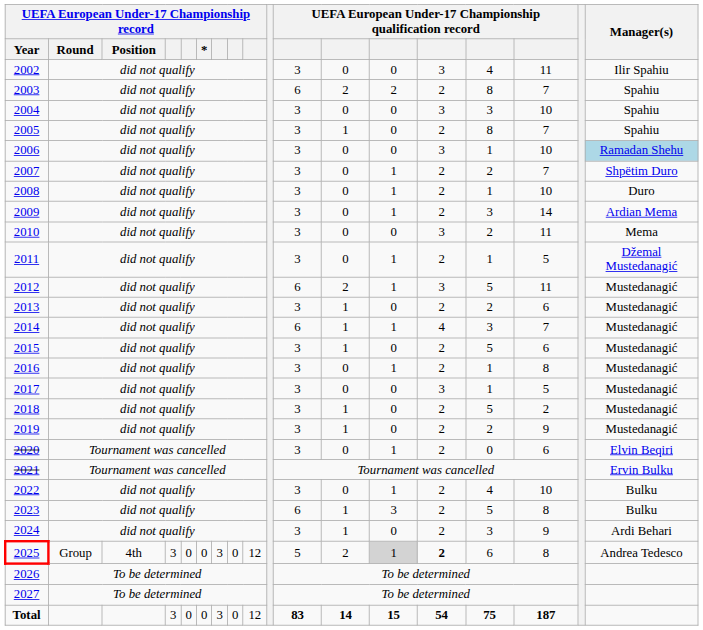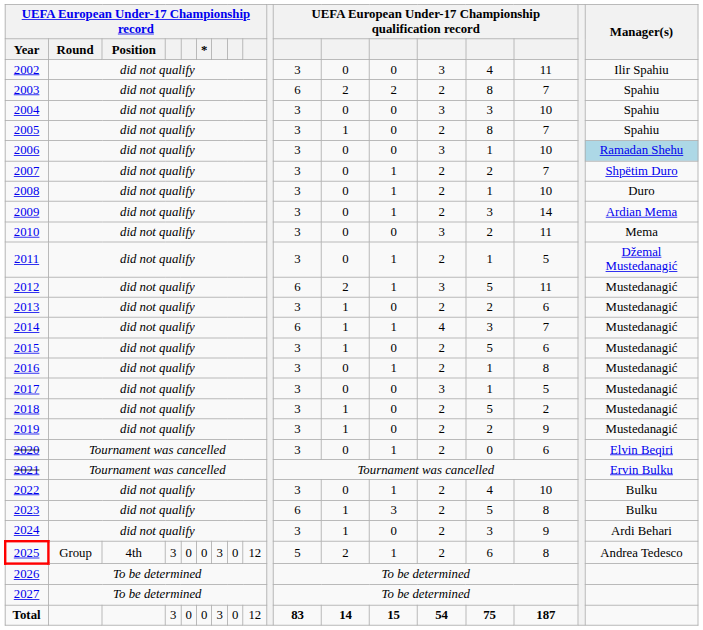 <table class="wikitable" style="text-align: center;">
 <tr>
 <th colspan=9><a href='#'>UEFA European Under-17 Championship record</a></th>
 <th style="width:1%;" rowspan="29"></th>
 <th colspan=6>UEFA European Under-17 Championship qualification record</th>
 <th style="width:1%;" rowspan="29"></th>
 <th rowspan=2>Manager(s)</th>
 </tr>
 <tr>
 <th>Year</th>
 <th>Round</th>
 <th>Position</th>
 <th></th>
 <th></th>
 <th>*</th>
 <th></th>
 <th></th>
 <th></th>
 <th></th>
 <th></th>
 <th></th>
 <th></th>
 <th></th>
 <th></th>
 </tr>
 <tr>
 <td> <a href='#'>2002</a></td>
 <td colspan=8><em>did not qualify</em></td>
 <td>3</td>
 <td>0</td>
 <td>0</td>
 <td>3</td>
 <td>4</td>
 <td>11</td>
 <td>Ilir Spahiu</td>
 </tr>
 <tr>
 <td> <a href='#'>2003</a></td>
 <td colspan=8><em>did not qualify</em></td>
 <td>6</td>
 <td>2</td>
 <td>2</td>
 <td>2</td>
 <td>8</td>
 <td>7</td>
 <td>Spahiu</td>
 </tr>
 <tr>
 <td> <a href='#'>2004</a></td>
 <td colspan=8><em>did not qualify</em></td>
 <td>3</td>
 <td>0</td>
 <td>0</td>
 <td>3</td>
 <td>3</td>
 <td>10</td>
 <td>Spahiu</td>
 </tr>
 <tr>
 <td> <a href='#'>2005</a></td>
 <td colspan=8><em>did not qualify</em></td>
 <td>3</td>
 <td>1</td>
 <td>0</td>
 <td>2</td>
 <td>8</td>
 <td>7</td>
 <td>Spahiu</td>
 </tr>
 <tr>
 <td> <a href='#'>2006</a></td>
 <td colspan=8><em>did not qualify</em></td>
 <td>3</td>
 <td>0</td>
 <td>0</td>
 <td>3</td>
 <td>1</td>
 <td>10</td>
 <td style="background: lightblue;"><a href='#'>Ramadan Shehu</a></td>
 </tr>
 <tr>
 <td> <a href='#'>2007</a></td>
 <td colspan=8><em>did not qualify</em></td>
 <td>3</td>
 <td>0</td>
 <td>1</td>
 <td>2</td>
 <td>2</td>
 <td>7</td>
 <td><a href='#'>Shpëtim Duro</a></td>
 </tr>
 <tr>
 <td> <a href='#'>2008</a></td>
 <td colspan=8><em>did not qualify</em></td>
 <td>3</td>
 <td>0</td>
 <td>1</td>
 <td>2</td>
 <td>1</td>
 <td>10</td>
 <td>Duro</td>
 </tr>
 <tr>
 <td> <a href='#'>2009</a></td>
 <td colspan=8><em>did not qualify</em></td>
 <td>3</td>
 <td>0</td>
 <td>1</td>
 <td>2</td>
 <td>3</td>
 <td>14</td>
 <td><a href='#'>Ardian Mema</a></td>
 </tr>
 <tr>
 <td> <a href='#'>2010</a></td>
 <td colspan=8><em>did not qualify</em></td>
 <td>3</td>
 <td>0</td>
 <td>0</td>
 <td>3</td>
 <td>2</td>
 <td>11</td>
 <td>Mema</td>
 </tr>
 <tr>
 <td> <a href='#'>2011</a></td>
 <td colspan=8><em>did not qualify</em></td>
 <td>3</td>
 <td>0</td>
 <td>1</td>
 <td>2</td>
 <td>1</td>
 <td>5</td>
 <td><a href='#'>Džemal Mustedanagić</a></td>
 </tr>
 <tr>
 <td> <a href='#'>2012</a></td>
 <td colspan=8><em>did not qualify</em></td>
 <td>6</td>
 <td>2</td>
 <td>1</td>
 <td>3</td>
 <td>5</td>
 <td>11</td>
 <td>Mustedanagić</td>
 </tr>
 <tr>
 <td> <a href='#'>2013</a></td>
 <td colspan=8><em>did not qualify</em></td>
 <td>3</td>
 <td>1</td>
 <td>0</td>
 <td>2</td>
 <td>2</td>
 <td>6</td>
 <td>Mustedanagić</td>
 </tr>
 <tr>
 <td> <a href='#'>2014</a></td>
 <td colspan=8><em>did not qualify</em></td>
 <td>6</td>
 <td>1</td>
 <td>1</td>
 <td>4</td>
 <td>3</td>
 <td>7</td>
 <td>Mustedanagić</td>
 </tr>
 <tr>
 <td> <a href='#'>2015</a></td>
 <td colspan=8><em>did not qualify</em></td>
 <td>3</td>
 <td>1</td>
 <td>0</td>
 <td>2</td>
 <td>5</td>
 <td>6</td>
 <td>Mustedanagić</td>
 </tr>
 <tr>
 <td> <a href='#'>2016</a></td>
 <td colspan=8><em>did not qualify</em></td>
 <td>3</td>
 <td>0</td>
 <td>1</td>
 <td>2</td>
 <td>1</td>
 <td>8</td>
 <td>Mustedanagić</td>
 </tr>
 <tr>
 <td> <a href='#'>2017</a></td>
 <td colspan=8><em>did not qualify</em></td>
 <td>3</td>
 <td>0</td>
 <td>0</td>
 <td>3</td>
 <td>1</td>
 <td>5</td>
 <td>Mustedanagić</td>
 </tr>
 <tr>
 <td> <a href='#'>2018</a></td>
 <td colspan=8><em>did not qualify</em></td>
 <td>3</td>
 <td>1</td>
 <td>0</td>
 <td>2</td>
 <td>5</td>
 <td>2</td>
 <td>Mustedanagić</td>
 </tr>
 <tr>
 <td> <a href='#'>2019</a></td>
 <td colspan=8><em>did not qualify</em></td>
 <td>3</td>
 <td>1</td>
 <td>0</td>
 <td>2</td>
 <td>2</td>
 <td>9</td>
 <td>Mustedanagić</td>
 </tr>
 <tr>
 <td> <s><a href='#'>2020</a></s></td>
 <td colspan=8><em>Tournament was cancelled</em></td>
 <td>3</td>
 <td>0</td>
 <td>1</td>
 <td>2</td>
 <td>0</td>
 <td>6</td>
 <td><a href='#'>Elvin Beqiri</a></td>
 </tr>
 <tr>
 <td> <s><a href='#'>2021</a></s></td>
 <td colspan=8><em>Tournament was cancelled</em></td>
 <td colspan=6><em>Tournament was cancelled</em></td>
 <td><a href='#'>Ervin Bulku</a></td>
 </tr>
 <tr>
 <td> <a href='#'>2022</a></td>
 <td colspan=8><em>did not qualify</em></td>
 <td>3</td>
 <td>0</td>
 <td>1</td>
 <td>2</td>
 <td>4</td>
 <td>10</td>
 <td>Bulku</td>
 </tr>
 <tr>
 <td> <a href='#'>2023</a></td>
 <td colspan=8><em>did not qualify</em></td>
 <td>6</td>
 <td>1</td>
 <td>3</td>
 <td>2</td>
 <td>5</td>
 <td>8</td>
 <td>Bulku</td>
 </tr>
 <tr>
 <td> <a href='#'>2024</a></td>
 <td colspan=8><em>did not qualify</em></td>
 <td>3</td>
 <td>1</td>
 <td>0</td>
 <td>2</td>
 <td>3</td>
 <td>9</td>
 <td>Ardi Behari</td>
 </tr>
 <tr>
 <td style="border: 3px solid red"> <a href='#'>2025</a></td>
 <td>Group</td>
 <td>4th</td>
 <td>3</td>
 <td>0</td>
 <td>0</td>
 <td>3</td>
 <td>0</td>
 <td>12</td>
 <td>5</td>
 <td>2</td>
-<td style="background: lightgrey;">1</td>
-<td><strong>2</strong></td>
+<td>1</td>
+<td>2</td>
 <td>6</td>
 <td>8</td>
 <td>Andrea Tedesco</td>
 </tr>
 <tr>
 <td> <a href='#'>2026</a></td>
 <td colspan=8><em>To be determined</em></td>
 <td colspan=6><em>To be determined</em></td>
 <td></td>
 </tr>
 <tr>
 <td> <a href='#'>2027</a></td>
 <td colspan=8><em>To be determined</em></td>
 <td colspan=6><em>To be determined</em></td>
 <td></td>
 </tr>
 <tr>
 <td><strong>Total</strong></td>
 <td></td>
 <td></td>
 <td>3</td>
 <td>0</td>
 <td>0</td>
 <td>3</td>
 <td>0</td>
 <td>12</td>
 <td><strong>83</strong></td>
 <td><strong>14</strong></td>
 <td><strong>15</strong></td>
 <td><strong>54</strong></td>
 <td><strong>75</strong></td>
 <td><strong>187</strong></td>
 <td></td>
 </tr>
 </table>
